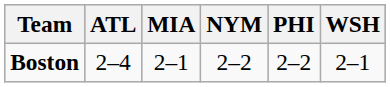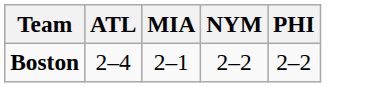 <table class="wikitable" style="text-align:center; font-size: 95%;">
 <tr>
 <th>Team</th>
 <th><strong>ATL</strong></th>
 <th><strong>MIA</strong></th>
 <th><strong>NYM</strong></th>
 <th><strong>PHI</strong></th>
-<th><strong>WSH</strong></th>
 </tr>
 <tr>
 <td><strong>Boston</strong></td>
 <td>2–4</td>
 <td>2–1</td>
 <td>2–2</td>
 <td>2–2</td>
-<td>2–1</td>
 </tr>
 </table>
